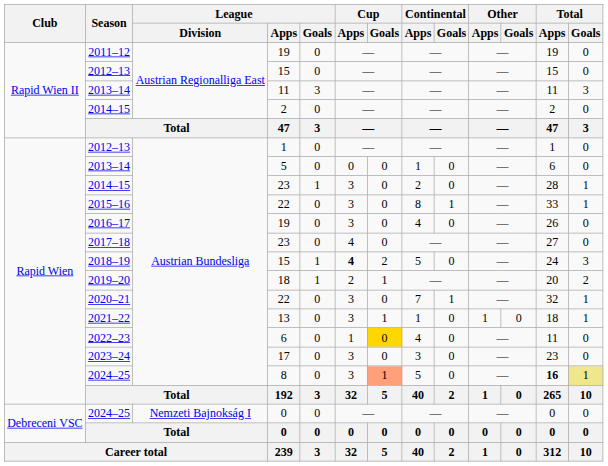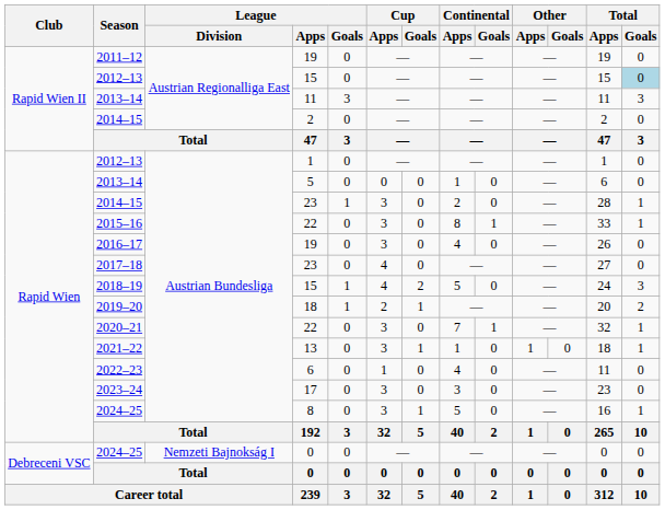 <table class="wikitable" style="text-align: center">
 <tr>
 <th rowspan="2">Club</th>
 <th rowspan="2">Season</th>
 <th colspan="3">League</th>
 <th colspan="2">Cup</th>
 <th colspan="2">Continental</th>
 <th colspan="2">Other</th>
 <th colspan="2">Total</th>
 </tr>
 <tr>
 <th>Division</th>
 <th>Apps</th>
 <th>Goals</th>
 <th>Apps</th>
 <th>Goals</th>
 <th>Apps</th>
 <th>Goals</th>
 <th>Apps</th>
 <th>Goals</th>
 <th>Apps</th>
 <th>Goals</th>
 </tr>
 <tr>
 <td rowspan="5"><a href='#'>Rapid Wien II</a></td>
 <td><a href='#'>2011–12</a></td>
 <td rowspan="4"><a href='#'>Austrian Regionalliga East</a></td>
 <td>19</td>
 <td>0</td>
 <td colspan="2">—</td>
 <td colspan="2">—</td>
 <td colspan="2">—</td>
 <td>19</td>
 <td>0</td>
 </tr>
 <tr>
 <td><a href='#'>2012–13</a></td>
 <td>15</td>
 <td>0</td>
 <td colspan="2">—</td>
 <td colspan="2">—</td>
 <td colspan="2">—</td>
 <td>15</td>
-<td>0</td>
+<td style="background: lightblue;">0</td>
 </tr>
 <tr>
 <td><a href='#'>2013–14</a></td>
 <td>11</td>
 <td>3</td>
 <td colspan="2">—</td>
 <td colspan="2">—</td>
 <td colspan="2">—</td>
 <td>11</td>
 <td>3</td>
 </tr>
 <tr>
 <td><a href='#'>2014–15</a></td>
 <td>2</td>
 <td>0</td>
 <td colspan="2">—</td>
 <td colspan="2">—</td>
 <td colspan="2">—</td>
 <td>2</td>
 <td>0</td>
 </tr>
 <tr>
 <th colspan="2">Total</th>
 <th>47</th>
 <th>3</th>
 <th colspan="2">—</th>
 <th colspan="2">—</th>
 <th colspan="2">—</th>
 <th>47</th>
 <th>3</th>
 </tr>
 <tr>
 <td rowspan="14"><a href='#'>Rapid Wien</a></td>
 <td><a href='#'>2012–13</a></td>
 <td rowspan="13"><a href='#'>Austrian Bundesliga</a></td>
 <td>1</td>
 <td>0</td>
 <td colspan="2">—</td>
 <td colspan="2">—</td>
 <td colspan="2">—</td>
 <td>1</td>
 <td>0</td>
 </tr>
 <tr>
 <td><a href='#'>2013–14</a></td>
 <td>5</td>
 <td>0</td>
 <td>0</td>
 <td>0</td>
 <td>1</td>
 <td>0</td>
 <td colspan="2">—</td>
 <td>6</td>
 <td>0</td>
 </tr>
 <tr>
 <td><a href='#'>2014–15</a></td>
 <td>23</td>
 <td>1</td>
 <td>3</td>
 <td>0</td>
 <td>2</td>
 <td>0</td>
 <td colspan="2">—</td>
 <td>28</td>
 <td>1</td>
 </tr>
 <tr>
 <td><a href='#'>2015–16</a></td>
 <td>22</td>
 <td>0</td>
 <td>3</td>
 <td>0</td>
 <td>8</td>
 <td>1</td>
 <td colspan="2">—</td>
 <td>33</td>
 <td>1</td>
 </tr>
 <tr>
 <td><a href='#'>2016–17</a></td>
 <td>19</td>
 <td>0</td>
 <td>3</td>
 <td>0</td>
 <td>4</td>
 <td>0</td>
 <td colspan="2">—</td>
 <td>26</td>
 <td>0</td>
 </tr>
 <tr>
 <td><a href='#'>2017–18</a></td>
 <td>23</td>
 <td>0</td>
 <td>4</td>
 <td>0</td>
 <td colspan="2">—</td>
 <td colspan="2">—</td>
 <td>27</td>
 <td>0</td>
 </tr>
 <tr>
 <td><a href='#'>2018–19</a></td>
 <td>15</td>
 <td>1</td>
-<td><strong>4</strong></td>
+<td>4</td>
 <td>2</td>
 <td>5</td>
 <td>0</td>
 <td colspan="2">—</td>
 <td>24</td>
 <td>3</td>
 </tr>
 <tr>
 <td><a href='#'>2019–20</a></td>
 <td>18</td>
 <td>1</td>
 <td>2</td>
 <td>1</td>
 <td colspan="2">—</td>
 <td colspan="2">—</td>
 <td>20</td>
 <td>2</td>
 </tr>
 <tr>
 <td><a href='#'>2020–21</a></td>
 <td>22</td>
 <td>0</td>
 <td>3</td>
 <td>0</td>
 <td>7</td>
 <td>1</td>
 <td colspan="2">—</td>
 <td>32</td>
 <td>1</td>
 </tr>
 <tr>
 <td><a href='#'>2021–22</a></td>
 <td>13</td>
 <td>0</td>
 <td>3</td>
 <td>1</td>
 <td>1</td>
 <td>0</td>
 <td>1</td>
 <td>0</td>
 <td>18</td>
 <td>1</td>
 </tr>
 <tr>
 <td><a href='#'>2022–23</a></td>
 <td>6</td>
 <td>0</td>
 <td>1</td>
-<td style="background: gold;">0</td>
+<td>0</td>
 <td>4</td>
 <td>0</td>
 <td colspan="2">—</td>
 <td>11</td>
 <td>0</td>
 </tr>
 <tr>
 <td><a href='#'>2023–24</a></td>
 <td>17</td>
 <td>0</td>
 <td>3</td>
 <td>0</td>
 <td>3</td>
 <td>0</td>
 <td colspan="2">—</td>
 <td>23</td>
 <td>0</td>
 </tr>
 <tr>
 <td><a href='#'>2024–25</a></td>
 <td>8</td>
 <td>0</td>
 <td>3</td>
-<td style="background: lightsalmon;">1</td>
+<td>1</td>
 <td>5</td>
 <td>0</td>
 <td colspan="2">—</td>
-<td><strong>16</strong></td>
-<td style="background: khaki;">1</td>
+<td>16</td>
+<td>1</td>
 </tr>
 <tr>
 <th colspan="2">Total</th>
 <th>192</th>
 <th>3</th>
 <th>32</th>
 <th>5</th>
 <th>40</th>
 <th>2</th>
 <th>1</th>
 <th>0</th>
 <th>265</th>
 <th>10</th>
 </tr>
 <tr>
 <td rowspan="2"><a href='#'>Debreceni VSC</a></td>
 <td><a href='#'>2024–25</a></td>
 <td rowspan="1"><a href='#'>Nemzeti Bajnokság I</a></td>
 <td>0</td>
 <td>0</td>
 <td colspan="2">—</td>
 <td colspan="2">—</td>
 <td colspan="2">—</td>
 <td>0</td>
 <td>0</td>
 </tr>
 <tr>
 <th colspan="2">Total</th>
 <th>0</th>
 <th>0</th>
 <th>0</th>
 <th>0</th>
 <th>0</th>
 <th>0</th>
 <th>0</th>
 <th>0</th>
 <th>0</th>
 <th>0</th>
 </tr>
 <tr>
 <th colspan="3">Career total</th>
 <th>239</th>
 <th>3</th>
 <th>32</th>
 <th>5</th>
 <th>40</th>
 <th>2</th>
 <th>1</th>
 <th>0</th>
 <th>312</th>
 <th>10</th>
 </tr>
 </table>
